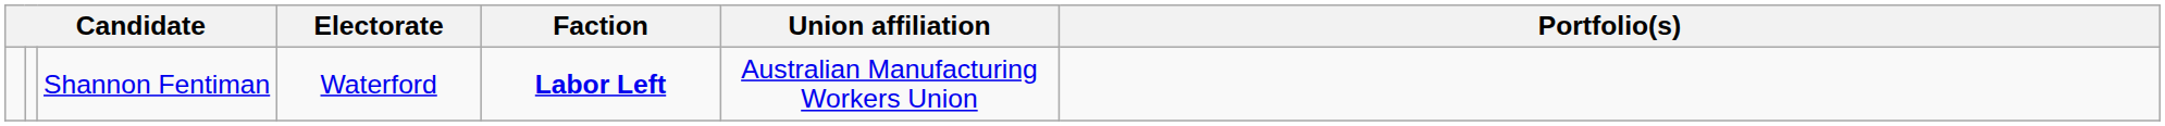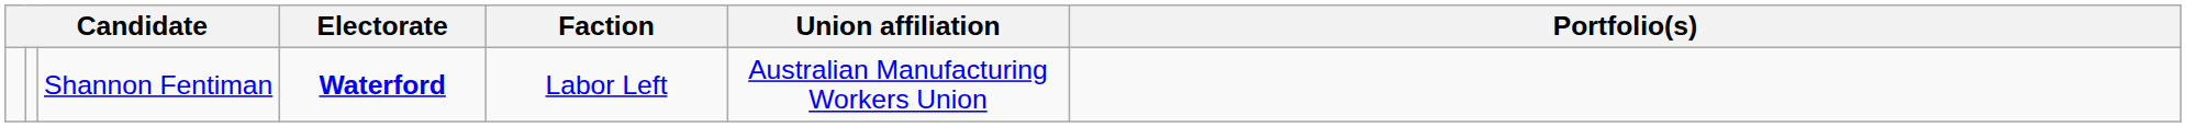 <table class="wikitable" style="text-align:center">
 <tr>
 <th width=125px; colspan=3>Candidate</th>
 <th width=115px>Electorate</th>
 <th width=135px>Faction</th>
 <th width=195px>Union affiliation</th>
 <th width=650px>Portfolio(s)</th>
 </tr>
 <tr>
 <td width="3pt" > </td>
 <td></td>
 <td><a href='#'>Shannon Fentiman</a></td>
-<td><a href='#'>Waterford</a></td>
-<td><strong><a href='#'>Labor Left</a></strong></td>
+<td><strong><a href='#'>Waterford</a></strong></td>
+<td><a href='#'>Labor Left</a></td>
 <td><a href='#'>Australian Manufacturing Workers Union</a></td>
 <td align=left></td>
 </tr>
 </table>
